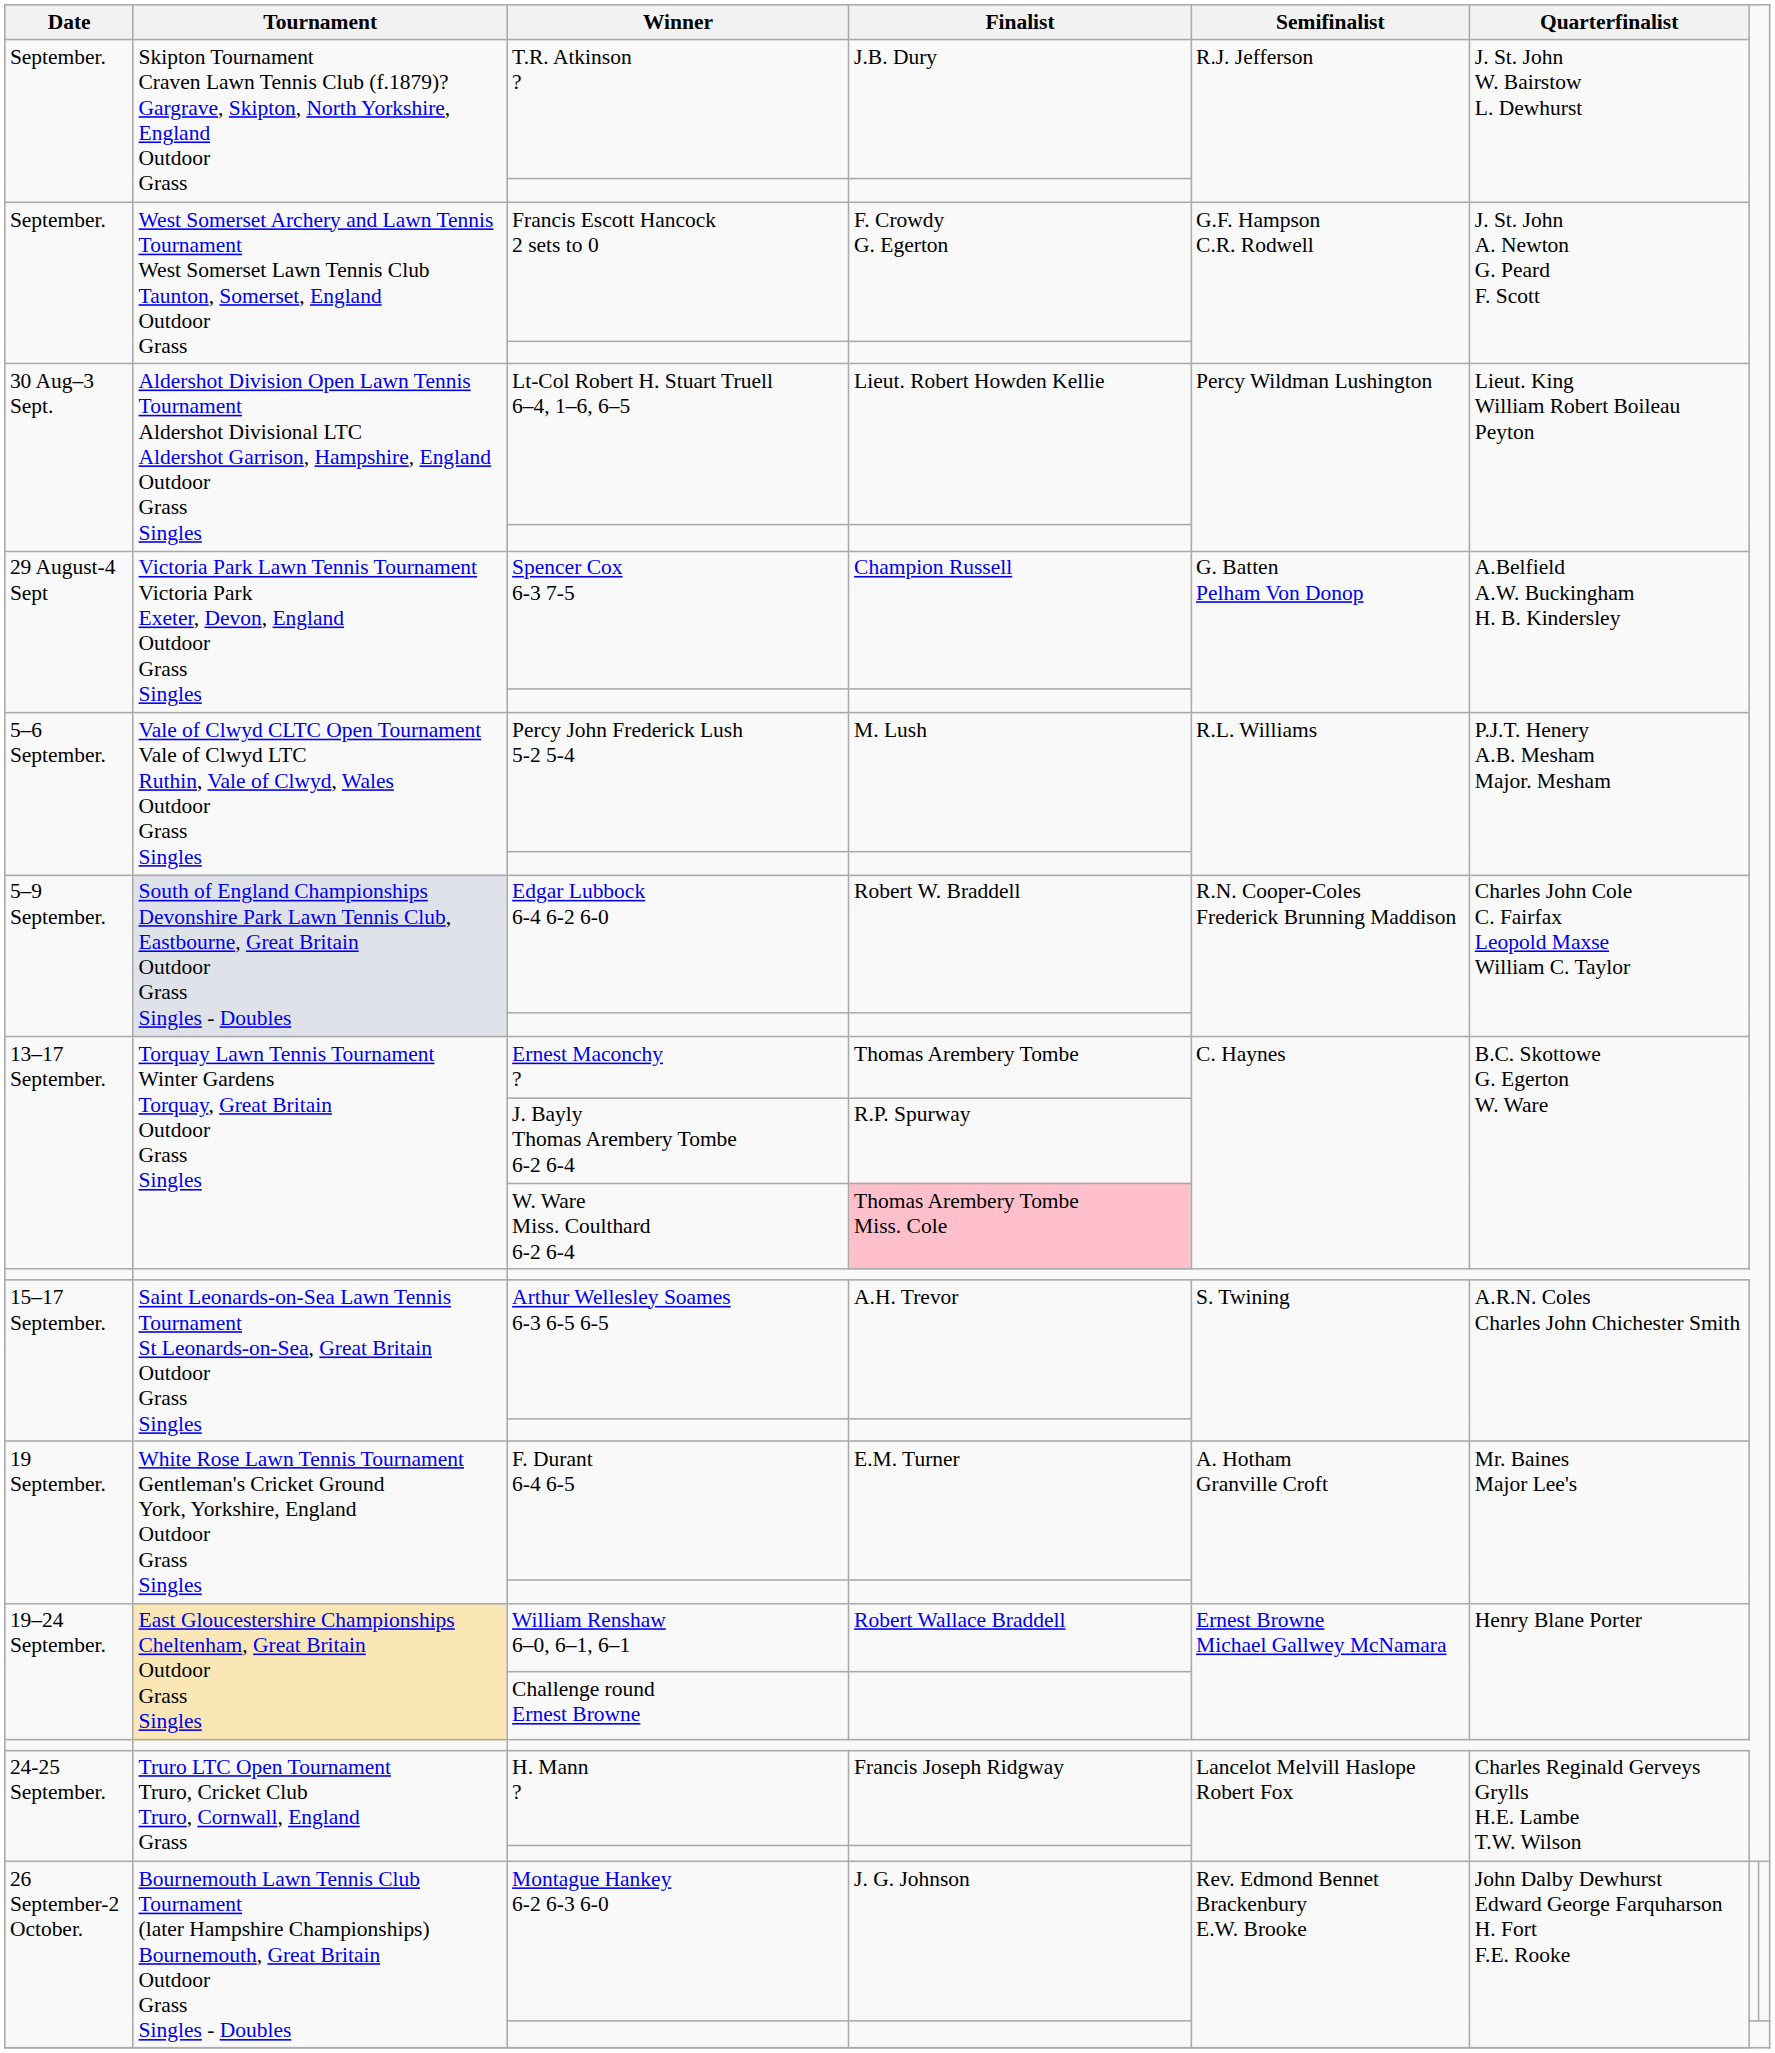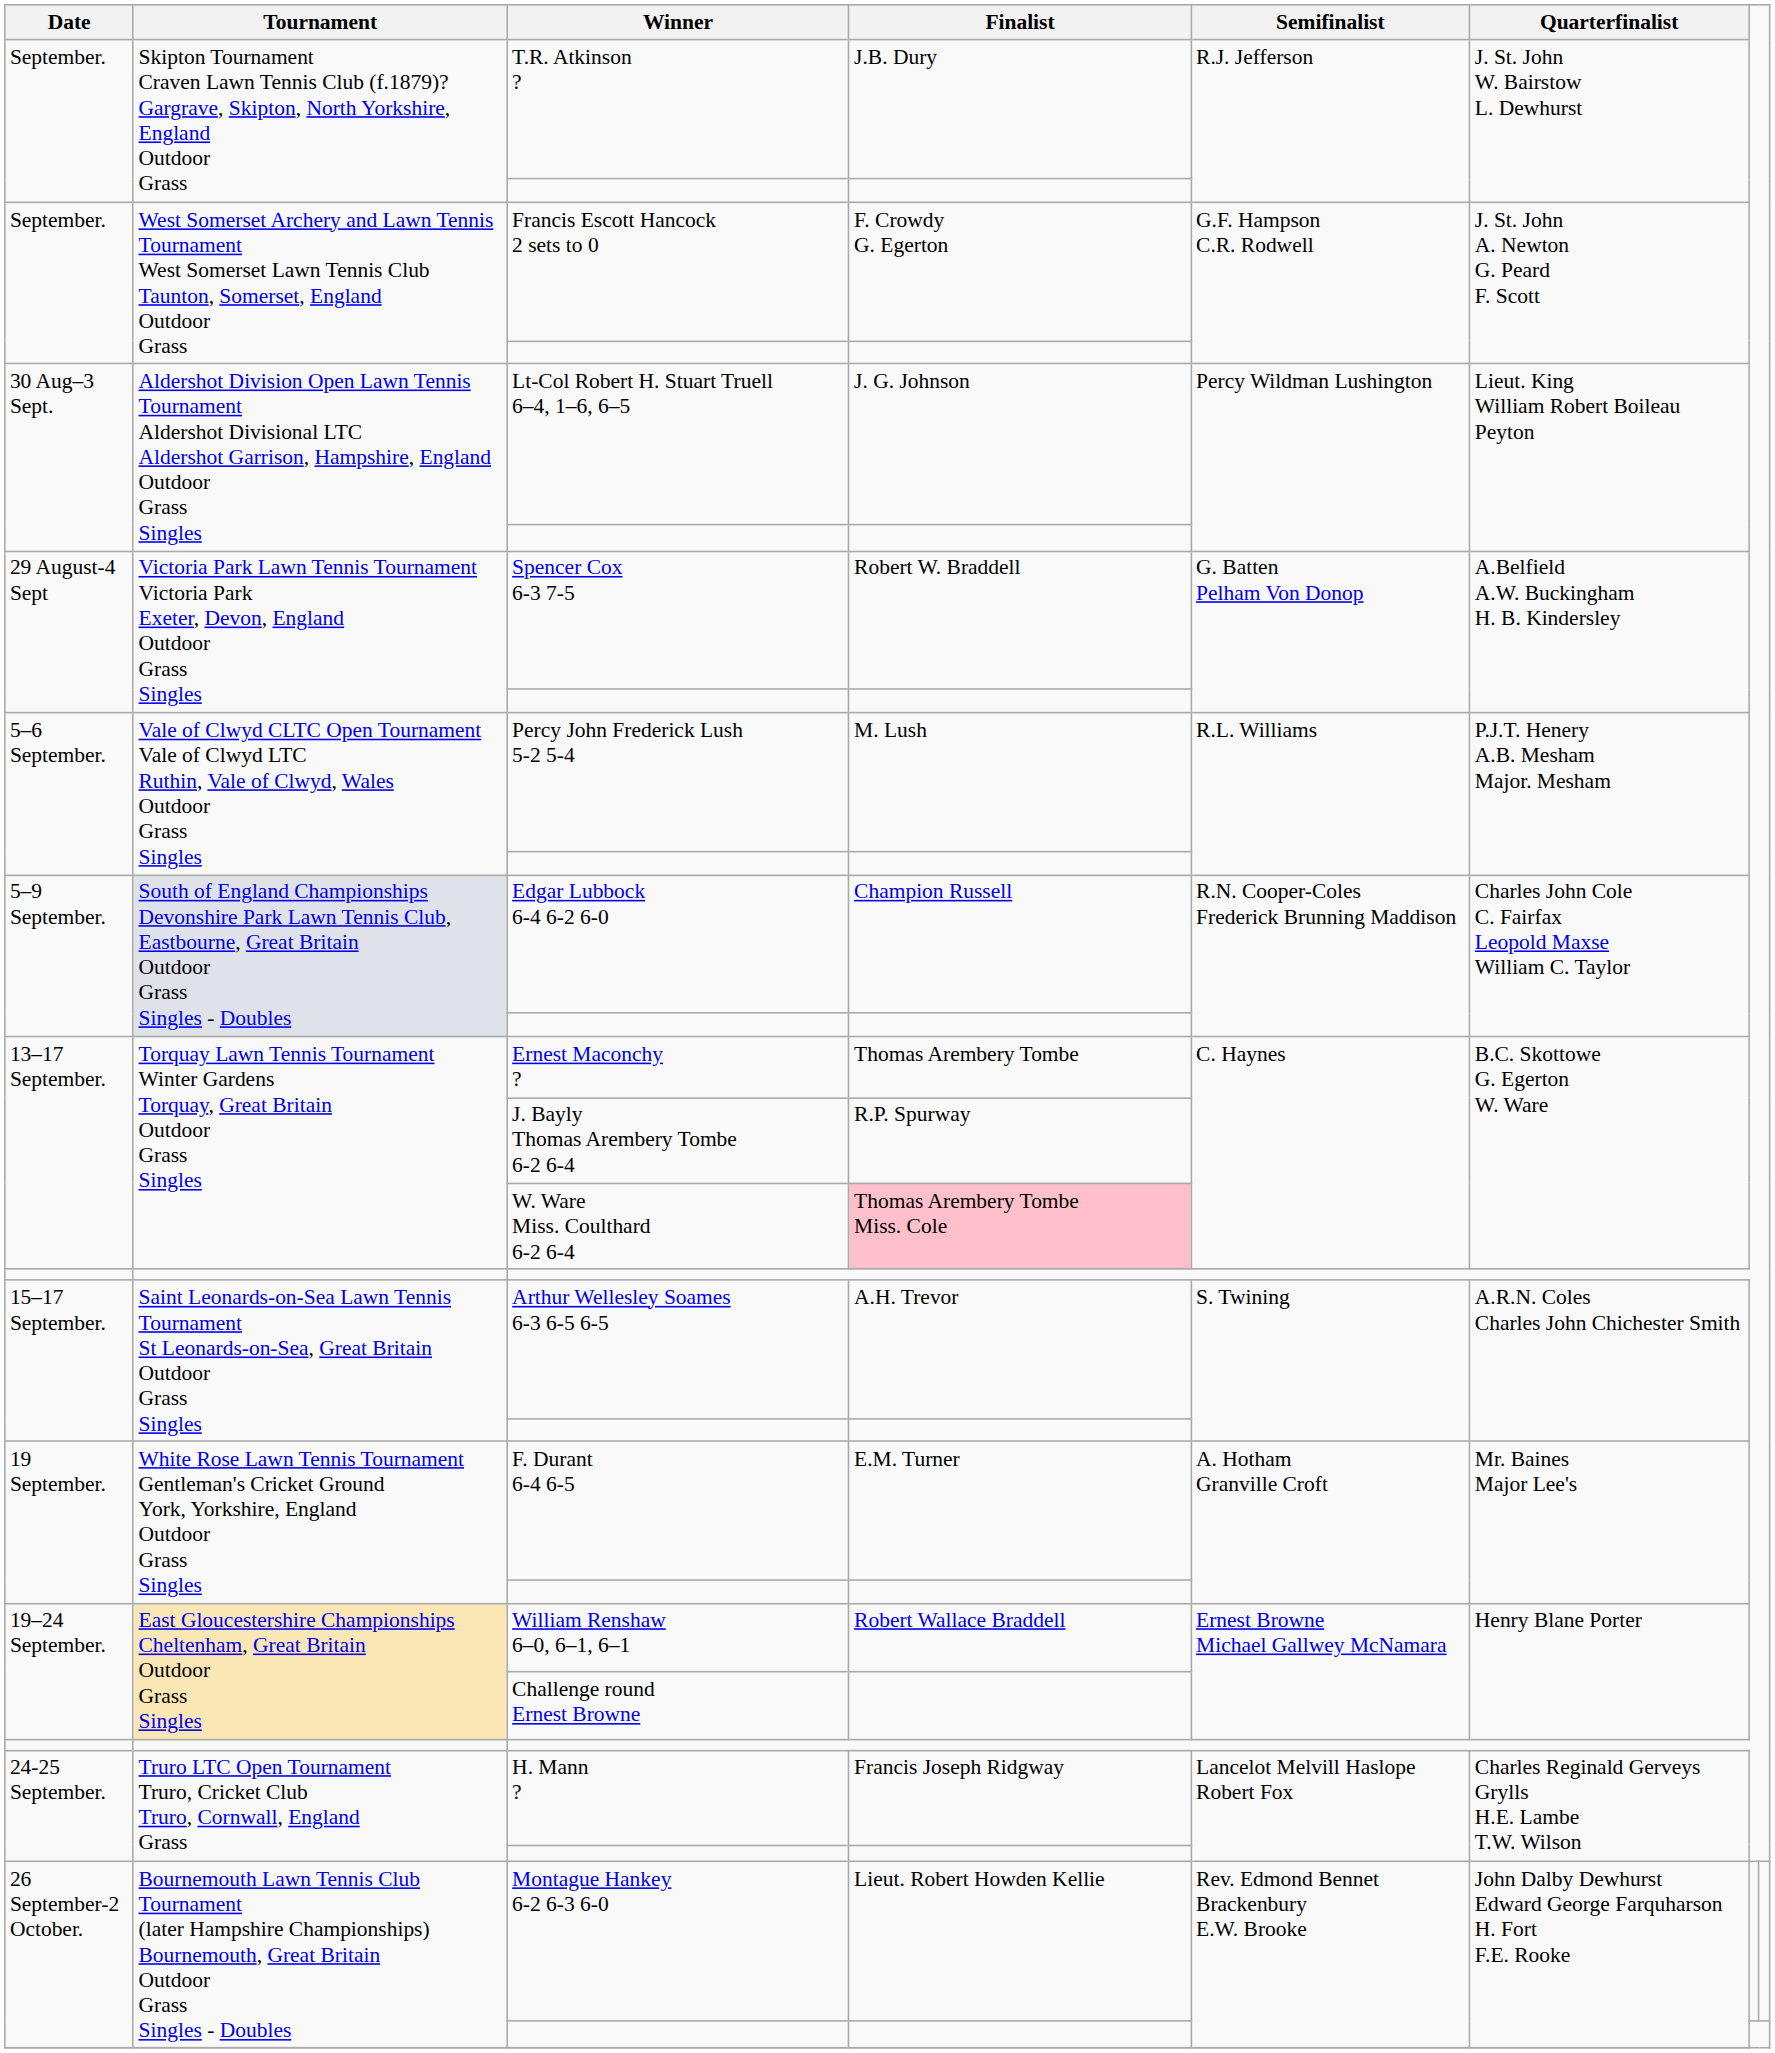 <table class="wikitable" style="font-size:85%;">
 <tr>
 <th width="75">Date</th>
 <th width="230">Tournament</th>
 <th width="210">Winner</th>
 <th width="210">Finalist</th>
 <th width="170">Semifinalist</th>
 <th width="170">Quarterfinalist</th>
 </tr>
 <tr valign=top>
 <td rowspan=2>September.</td>
 <td rowspan=2>Skipton Tournament<br>Craven Lawn Tennis Club (f.1879)?<br><a href='#'>Gargrave</a>, <a href='#'>Skipton</a>, <a href='#'>North Yorkshire</a>, <a href='#'>England</a><br>Outdoor<br>Grass</td>
 <td> T.R. Atkinson<br>?</td>
 <td> J.B. Dury</td>
 <td rowspan=2> R.J. Jefferson</td>
 <td rowspan=2> J. St. John<br> W. Bairstow<br> L. Dewhurst</td>
 </tr>
 <tr valign=top>
 <td></td>
 <td></td>
 </tr>
 <tr valign=top>
 <td rowspan=2>September.</td>
 <td rowspan=2><a href='#'>West Somerset Archery and Lawn Tennis Tournament</a> <br>West Somerset Lawn Tennis Club<br><a href='#'>Taunton</a>, <a href='#'>Somerset</a>, <a href='#'>England</a><br>Outdoor<br>Grass</td>
 <td>  Francis Escott Hancock<br>2 sets to 0</td>
 <td> F. Crowdy <br> G. Egerton</td>
 <td rowspan=2> G.F. Hampson<br> C.R. Rodwell</td>
 <td rowspan=2> J. St. John<br> A. Newton<br> G. Peard<br> F. Scott</td>
 </tr>
 <tr valign=top>
 <td></td>
 <td></td>
 </tr>
 <tr valign=top>
 <td rowspan=2>30 Aug–3 Sept.</td>
 <td rowspan=2><a href='#'>Aldershot Division Open Lawn Tennis Tournament</a> <br>Aldershot Divisional LTC <br><a href='#'>Aldershot Garrison</a>, <a href='#'>Hampshire</a>, <a href='#'>England</a><br>Outdoor<br>Grass<br><a href='#'>Singles</a></td>
 <td> Lt-Col Robert H. Stuart Truell<br>6–4, 1–6, 6–5</td>
-<td>  Lieut. Robert Howden Kellie</td>
+<td> J. G. Johnson</td>
 <td rowspan=2> Percy Wildman Lushington<br></td>
 <td rowspan=2> Lieut. King<br> William Robert Boileau Peyton</td>
 </tr>
 <tr valign=top>
 <td></td>
 <td></td>
 </tr>
 <tr valign=top>
 <td rowspan=2>29 August-4 Sept</td>
 <td rowspan=2><a href='#'>Victoria Park Lawn Tennis Tournament</a><br>Victoria Park<br><a href='#'>Exeter</a>, <a href='#'>Devon</a>, <a href='#'>England</a><br>Outdoor<br>Grass<br><a href='#'>Singles</a></td>
 <td> <a href='#'>Spencer Cox</a><br>6-3 7-5</td>
-<td> <a href='#'>Champion Russell</a> <br></td>
+<td> Robert W. Braddell</td>
 <td rowspan=2> G. Batten  <br> <a href='#'>Pelham Von Donop</a> <br></td>
 <td rowspan=2> A.Belfield <br> A.W. Buckingham  <br> H. B. Kindersley <br></td>
 </tr>
 <tr valign=top>
 <td></td>
 <td></td>
 </tr>
 <tr valign=top>
 <td rowspan=2>5–6 September.</td>
 <td rowspan=2><a href='#'>Vale of Clwyd CLTC Open Tournament</a><br>Vale of Clwyd LTC<br><a href='#'>Ruthin</a>, <a href='#'>Vale of Clwyd</a>, <a href='#'>Wales</a><br>Outdoor<br>Grass<br><a href='#'>Singles</a></td>
 <td> Percy John Frederick Lush<br>5-2 5-4</td>
 <td> M. Lush</td>
 <td rowspan=2> R.L. Williams<br></td>
 <td rowspan=2> P.J.T. Henery<br> A.B. Mesham<br> Major. Mesham</td>
 </tr>
 <tr valign=top>
 <td></td>
 <td></td>
 </tr>
 <tr valign=top>
 <td rowspan=2>5–9 September.</td>
 <td style="background:#dfe2e9" rowspan=2><a href='#'>South of England Championships</a><br> <a href='#'>Devonshire Park Lawn Tennis Club</a>,  <a href='#'>Eastbourne</a>, <a href='#'>Great Britain</a><br>Outdoor<br>Grass<br><a href='#'>Singles</a> - <a href='#'>Doubles</a></td>
 <td> <a href='#'>Edgar Lubbock</a><br>6-4 6-2 6-0</td>
-<td> Robert W. Braddell</td>
+<td> <a href='#'>Champion Russell</a> <br></td>
 <td rowspan=2> R.N. Cooper-Coles<br> Frederick Brunning Maddison</td>
 <td rowspan=2> Charles John Cole<br> C. Fairfax <br>  <a href='#'>Leopold Maxse</a><br>  William C. Taylor</td>
 </tr>
 <tr valign=top>
 <td></td>
 <td></td>
 </tr>
 <tr valign=top>
 <td rowspan=3>13–17 September.</td>
 <td rowspan=3><a href='#'>Torquay Lawn Tennis Tournament</a><br>Winter Gardens<br><a href='#'>Torquay</a>, <a href='#'>Great Britain</a><br>Outdoor<br>Grass<br><a href='#'>Singles</a></td>
 <td> <a href='#'>Ernest Maconchy</a><br>?</td>
 <td> Thomas Arembery Tombe</td>
 <td rowspan=3> C. Haynes</td>
 <td rowspan=3> B.C. Skottowe<br> G. Egerton<br> W. Ware<br></td>
 </tr>
 <tr valign=top>
 <td> J. Bayly<br> Thomas Arembery Tombe<br>6-2 6-4</td>
 <td> R.P. Spurway</td>
 </tr>
 <tr valign=top>
 <td> W. Ware <br> Miss. Coulthard<br>6-2 6-4</td>
 <td style="background: pink;"> Thomas Arembery Tombe<br> Miss. Cole</td>
 </tr>
 <tr valign=top>
 <td></td>
 <td></td>
 </tr>
 <tr valign=top>
 <td rowspan=2>15–17 September.</td>
 <td rowspan=2><a href='#'>Saint Leonards-on-Sea Lawn Tennis Tournament</a> <br><a href='#'>St Leonards-on-Sea</a>, <a href='#'>Great Britain</a><br>Outdoor<br>Grass<br><a href='#'>Singles</a></td>
 <td> <a href='#'>Arthur Wellesley Soames</a><br>6-3 6-5 6-5</td>
 <td> A.H. Trevor</td>
 <td rowspan=2> S. Twining</td>
 <td rowspan=2> A.R.N. Coles<br>  Charles John Chichester Smith</td>
 </tr>
 <tr valign=top>
 <td></td>
 <td></td>
 </tr>
 <tr valign=top>
 <td rowspan=2>19 September.</td>
 <td rowspan=2><a href='#'>White Rose Lawn Tennis Tournament</a> <br>Gentleman's Cricket Ground <br>York, Yorkshire, England<br>Outdoor<br>Grass<br><a href='#'>Singles</a></td>
 <td>  F. Durant<br>6-4 6-5</td>
 <td> E.M. Turner</td>
 <td rowspan=2> A. Hotham<br> Granville Croft</td>
 <td rowspan=2> Mr. Baines<br> Major Lee's</td>
 </tr>
 <tr valign=top>
 <td></td>
 <td></td>
 </tr>
 <tr valign=top>
 <td rowspan=2>19–24 September.</td>
 <td style="background:#fae7b5"  rowspan=2><a href='#'>East Gloucestershire Championships</a> <br> <a href='#'>Cheltenham</a>, <a href='#'>Great Britain</a><br>Outdoor<br>Grass<br><a href='#'>Singles</a></td>
 <td> <a href='#'>William Renshaw</a><br>6–0, 6–1, 6–1</td>
 <td> <a href='#'>Robert Wallace Braddell</a></td>
 <td rowspan=2> <a href='#'>Ernest Browne</a><br>  <a href='#'>Michael Gallwey McNamara</a></td>
 <td rowspan=2> Henry Blane Porter<br></td>
 </tr>
 <tr valign=top>
 <td>Challenge round<br> <a href='#'>Ernest Browne</a></td>
 <td></td>
 </tr>
 <tr valign=top>
 <td></td>
 <td></td>
 </tr>
 <tr valign=top>
 <td rowspan=2>24-25 September.</td>
 <td rowspan=2><a href='#'>Truro LTC Open Tournament</a><br>Truro, Cricket Club<br><a href='#'>Truro</a>, <a href='#'>Cornwall</a>, <a href='#'>England</a><br>Grass<br></td>
 <td> H. Mann<br>?</td>
 <td>  Francis Joseph Ridgway</td>
 <td rowspan=2>  Lancelot Melvill Haslope<br>  Robert Fox</td>
 <td rowspan=2>  Charles Reginald Gerveys Grylls<br>  H.E. Lambe<br>  T.W. Wilson</td>
 </tr>
 <tr valign=top>
 <td></td>
 <td></td>
 </tr>
 <tr valign=top>
 <td rowspan=2>26 September-2 October.</td>
 <td rowspan=2><a href='#'>Bournemouth Lawn Tennis Club Tournament</a><br>(later Hampshire Championships)<br> <a href='#'>Bournemouth</a>, <a href='#'>Great Britain</a><br>Outdoor<br>Grass<br><a href='#'>Singles</a> - <a href='#'>Doubles</a></td>
 <td> <a href='#'>Montague Hankey</a><br>6-2 6-3 6-0</td>
-<td> J. G. Johnson</td>
+<td>  Lieut. Robert Howden Kellie</td>
 <td rowspan=2> Rev. Edmond Bennet Brackenbury<br> E.W. Brooke</td>
 <td rowspan=2> John Dalby Dewhurst<br>  Edward George Farquharson<br>  H. Fort<br>  F.E. Rooke<br></td>
 <td></td>
 <td></td>
 </tr>
 <tr valign=top>
 <td></td>
 <td></td>
 </tr>
 <tr valign=top>
 </tr>
 </table>
